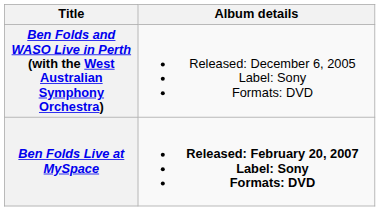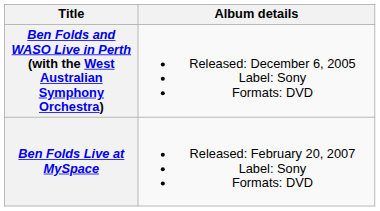 <table class="wikitable plainrowheaders" style="text-align:center;">
 <tr>
 <th scope="col" style="width:10em;">Title</th>
 <th scope="col" style="width:18em;">Album details</th>
 </tr>
 <tr>
 <th scope="row"><em><a href='#'>Ben Folds and WASO Live in Perth</a></em><br><span>(with the <a href='#'>West Australian Symphony Orchestra</a>)</span></th>
 <td><br><ul><li>Released: December 6, 2005</li><li>Label: Sony</li><li>Formats: DVD</li></ul></td>
 </tr>
 <tr>
 <th scope="row"><em><a href='#'>Ben Folds Live at MySpace</a></em></th>
-<td><strong><br><ul><li>Released: February 20, 2007</li><li>Label: Sony</li><li>Formats: DVD</li></ul></strong></td>
+<td><br><ul><li>Released: February 20, 2007</li><li>Label: Sony</li><li>Formats: DVD</li></ul></td>
 </tr>
 </table>
